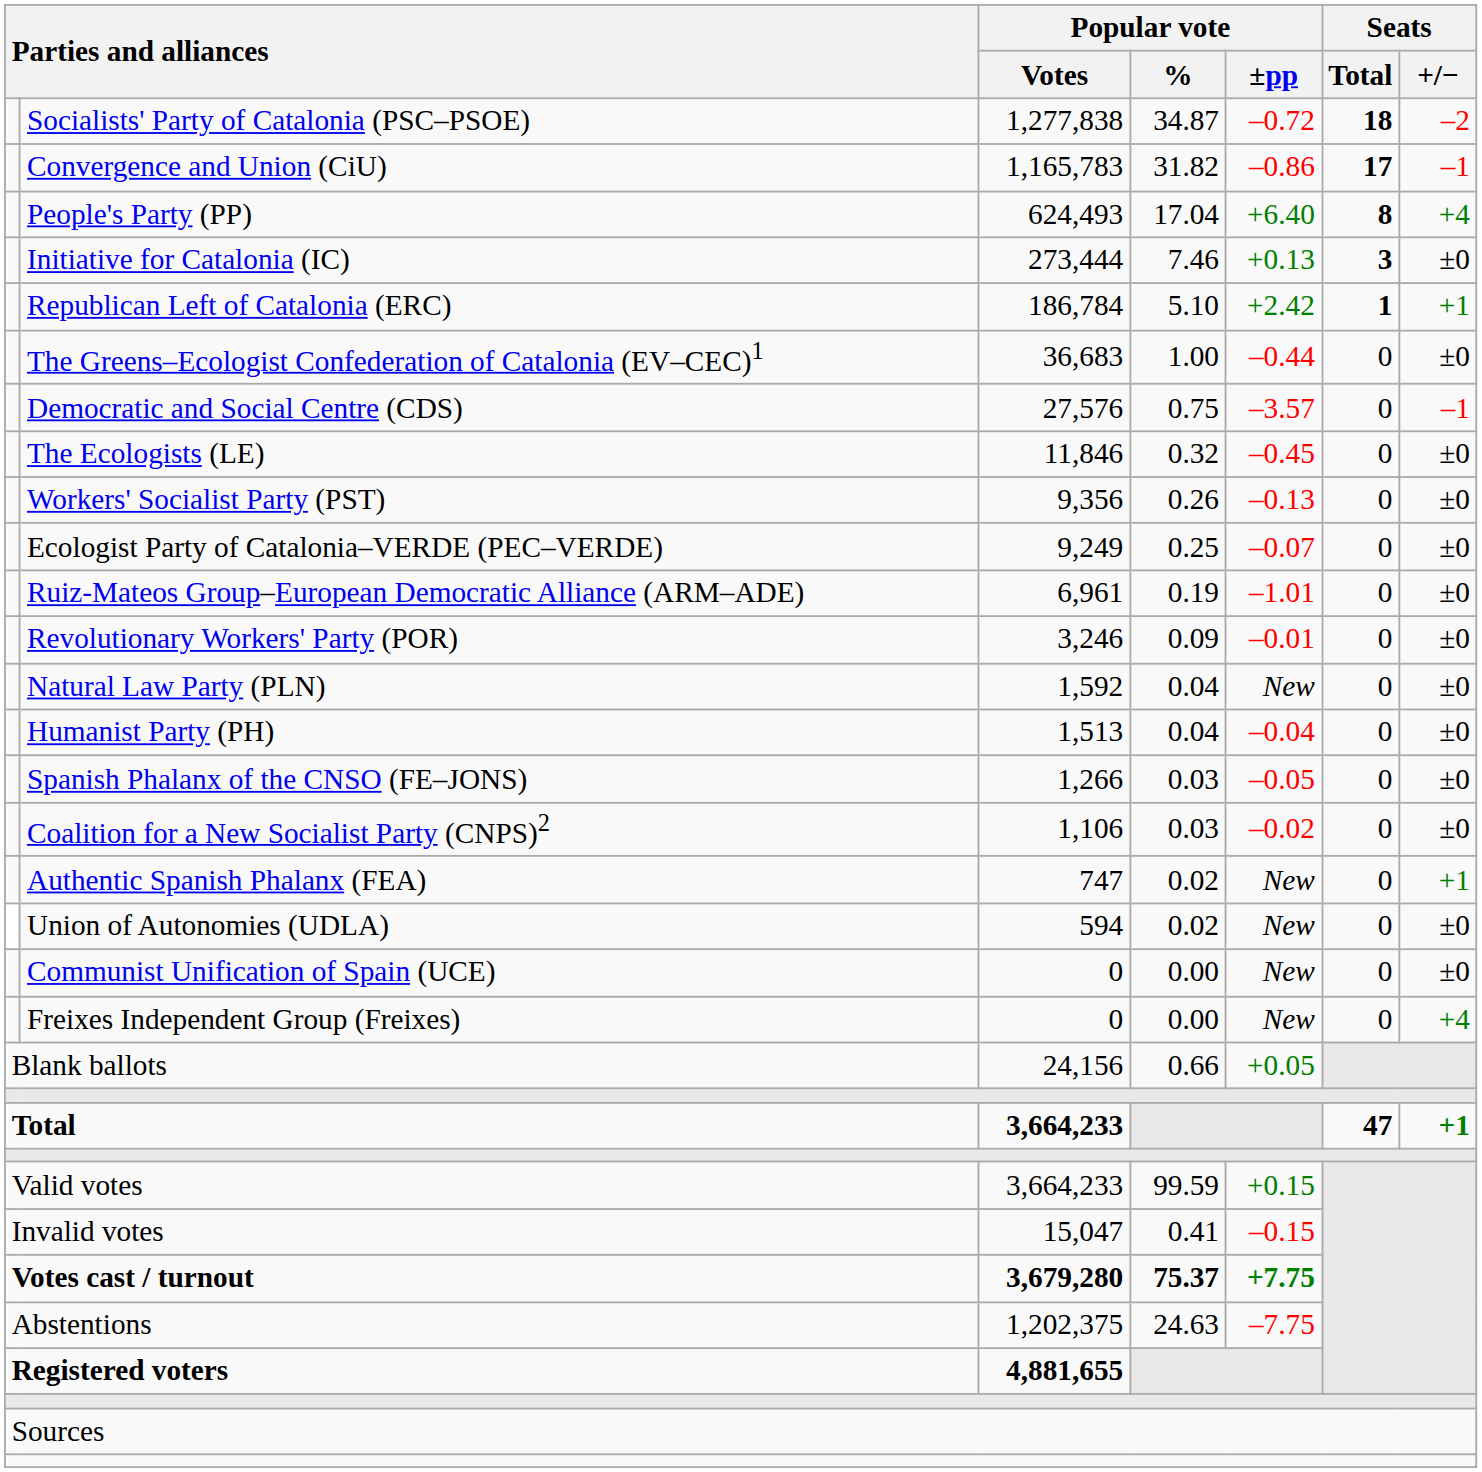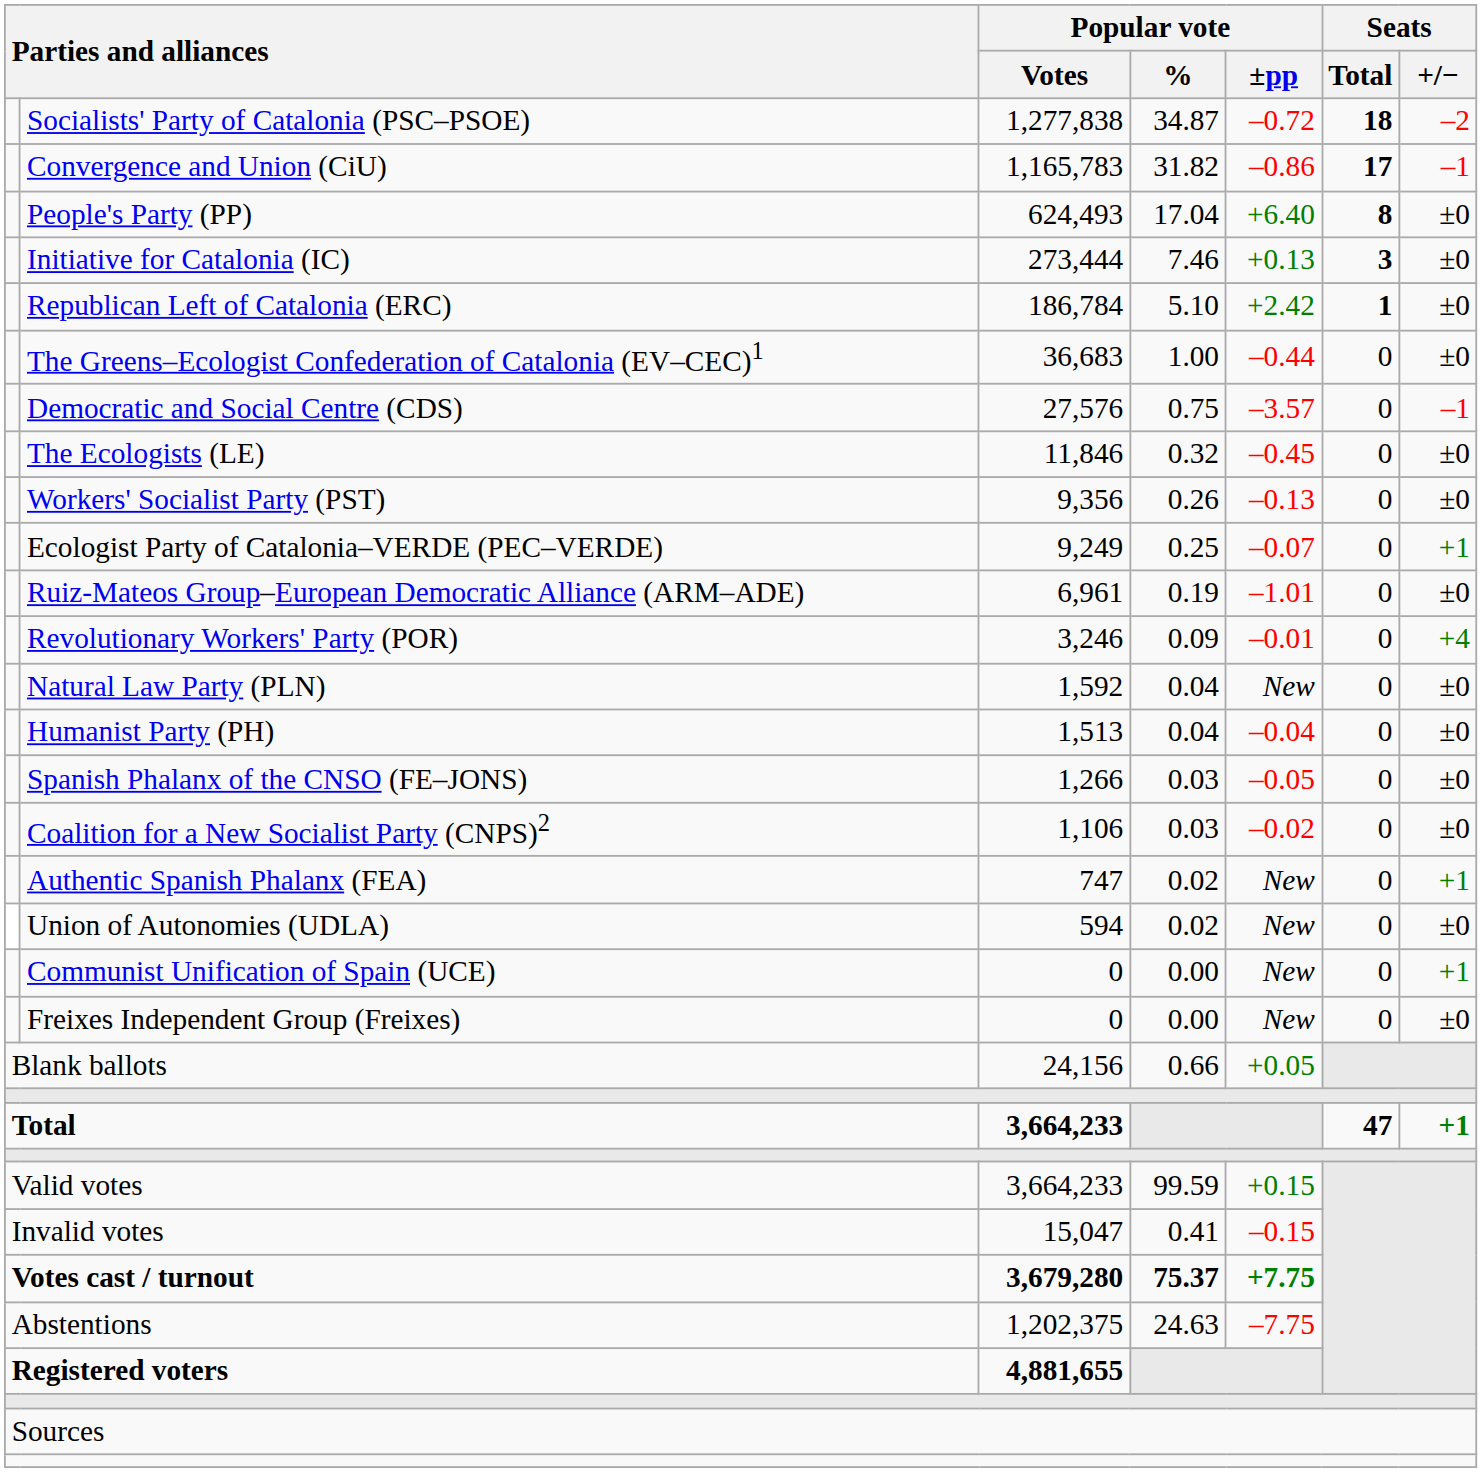 <table class="wikitable" style="text-align:right;">
 <tr>
 <th style="text-align:left;" rowspan="2" colspan="2" width="525">Parties and alliances</th>
 <th colspan="3">Popular vote</th>
 <th colspan="2">Seats</th>
 </tr>
 <tr>
 <th width="75">Votes</th>
 <th width="45">%</th>
 <th width="45">±<a href='#'>pp</a></th>
 <th width="35">Total</th>
 <th width="35">+/−</th>
 </tr>
 <tr>
 <td width="1" style="color:inherit;background:"></td>
 <td align="left"><a href='#'>Socialists' Party of Catalonia</a> (PSC–PSOE)</td>
 <td>1,277,838</td>
 <td>34.87</td>
 <td style="color:red;">–0.72</td>
 <td><strong>18</strong></td>
 <td style="color:red;">–2</td>
 </tr>
 <tr>
 <td style="color:inherit;background:"></td>
 <td align="left"><a href='#'>Convergence and Union</a> (CiU)</td>
 <td>1,165,783</td>
 <td>31.82</td>
 <td style="color:red;">–0.86</td>
 <td><strong>17</strong></td>
 <td style="color:red;">–1</td>
 </tr>
 <tr>
 <td style="color:inherit;background:"></td>
 <td align="left"><a href='#'>People's Party</a> (PP)</td>
 <td>624,493</td>
 <td>17.04</td>
 <td style="color:green;">+6.40</td>
 <td><strong>8</strong></td>
-<td style="color:green;">+4</td>
+<td>±0</td>
 </tr>
 <tr>
 <td style="color:inherit;background:"></td>
 <td align="left"><a href='#'>Initiative for Catalonia</a> (IC)</td>
 <td>273,444</td>
 <td>7.46</td>
 <td style="color:green;">+0.13</td>
 <td><strong>3</strong></td>
 <td>±0</td>
 </tr>
 <tr>
 <td style="color:inherit;background:"></td>
 <td align="left"><a href='#'>Republican Left of Catalonia</a> (ERC)</td>
 <td>186,784</td>
 <td>5.10</td>
 <td style="color:green;">+2.42</td>
 <td><strong>1</strong></td>
-<td style="color:green;">+1</td>
+<td>±0</td>
 </tr>
 <tr>
 <td style="color:inherit;background:"></td>
 <td align="left"><a href='#'>The Greens–Ecologist Confederation of Catalonia</a> (EV–CEC)<sup>1</sup></td>
 <td>36,683</td>
 <td>1.00</td>
 <td style="color:red;">–0.44</td>
 <td>0</td>
 <td>±0</td>
 </tr>
 <tr>
 <td style="color:inherit;background:"></td>
 <td align="left"><a href='#'>Democratic and Social Centre</a> (CDS)</td>
 <td>27,576</td>
 <td>0.75</td>
 <td style="color:red;">–3.57</td>
 <td>0</td>
 <td style="color:red;">–1</td>
 </tr>
 <tr>
 <td style="color:inherit;background:"></td>
 <td align="left"><a href='#'>The Ecologists</a> (LE)</td>
 <td>11,846</td>
 <td>0.32</td>
 <td style="color:red;">–0.45</td>
 <td>0</td>
 <td>±0</td>
 </tr>
 <tr>
 <td style="color:inherit;background:"></td>
 <td align="left"><a href='#'>Workers' Socialist Party</a> (PST)</td>
 <td>9,356</td>
 <td>0.26</td>
 <td style="color:red;">–0.13</td>
 <td>0</td>
 <td>±0</td>
 </tr>
 <tr>
 <td style="color:inherit;background:"></td>
 <td align="left">Ecologist Party of Catalonia–VERDE (PEC–VERDE)</td>
 <td>9,249</td>
 <td>0.25</td>
 <td style="color:red;">–0.07</td>
 <td>0</td>
-<td>±0</td>
+<td style="color:green;">+1</td>
 </tr>
 <tr>
 <td style="color:inherit;background:"></td>
 <td align="left"><a href='#'>Ruiz-Mateos Group</a>–<a href='#'>European Democratic Alliance</a> (ARM–ADE)</td>
 <td>6,961</td>
 <td>0.19</td>
 <td style="color:red;">–1.01</td>
 <td>0</td>
 <td>±0</td>
 </tr>
 <tr>
 <td style="color:inherit;background:"></td>
 <td align="left"><a href='#'>Revolutionary Workers' Party</a> (POR)</td>
 <td>3,246</td>
 <td>0.09</td>
 <td style="color:red;">–0.01</td>
 <td>0</td>
-<td>±0</td>
+<td style="color:green;">+4</td>
 </tr>
 <tr>
 <td style="color:inherit;background:"></td>
 <td align="left"><a href='#'>Natural Law Party</a> (PLN)</td>
 <td>1,592</td>
 <td>0.04</td>
 <td><em>New</em></td>
 <td>0</td>
 <td>±0</td>
 </tr>
 <tr>
 <td style="color:inherit;background:"></td>
 <td align="left"><a href='#'>Humanist Party</a> (PH)</td>
 <td>1,513</td>
 <td>0.04</td>
 <td style="color:red;">–0.04</td>
 <td>0</td>
 <td>±0</td>
 </tr>
 <tr>
 <td style="color:inherit;background:"></td>
 <td align="left"><a href='#'>Spanish Phalanx of the CNSO</a> (FE–JONS)</td>
 <td>1,266</td>
 <td>0.03</td>
 <td style="color:red;">–0.05</td>
 <td>0</td>
 <td>±0</td>
 </tr>
 <tr>
 <td style="color:inherit;background:"></td>
 <td align="left"><a href='#'>Coalition for a New Socialist Party</a> (CNPS)<sup>2</sup></td>
 <td>1,106</td>
 <td>0.03</td>
 <td style="color:red;">–0.02</td>
 <td>0</td>
 <td>±0</td>
 </tr>
 <tr>
 <td style="color:inherit;background:"></td>
 <td align="left"><a href='#'>Authentic Spanish Phalanx</a> (FEA)</td>
 <td>747</td>
 <td>0.02</td>
 <td><em>New</em></td>
 <td>0</td>
 <td style="color:green;">+1</td>
 </tr>
 <tr>
 <td bgcolor="white"></td>
 <td align="left">Union of Autonomies (UDLA)</td>
 <td>594</td>
 <td>0.02</td>
 <td><em>New</em></td>
 <td>0</td>
 <td>±0</td>
 </tr>
 <tr>
 <td style="color:inherit;background:"></td>
 <td align="left"><a href='#'>Communist Unification of Spain</a> (UCE)</td>
 <td>0</td>
 <td>0.00</td>
 <td><em>New</em></td>
 <td>0</td>
-<td>±0</td>
+<td style="color:green;">+1</td>
 </tr>
 <tr>
 <td style="color:inherit;background:"></td>
 <td align="left">Freixes Independent Group (Freixes)</td>
 <td>0</td>
 <td>0.00</td>
 <td><em>New</em></td>
 <td>0</td>
-<td style="color:green;">+4</td>
+<td>±0</td>
 </tr>
 <tr>
 <td align="left" colspan="2">Blank ballots</td>
 <td>24,156</td>
 <td>0.66</td>
 <td style="color:green;">+0.05</td>
 <td bgcolor="#E9E9E9" colspan="2"></td>
 </tr>
 <tr>
 <td colspan="7" bgcolor="#E9E9E9"></td>
 </tr>
 <tr style="font-weight:bold;">
 <td align="left" colspan="2">Total</td>
 <td>3,664,233</td>
 <td bgcolor="#E9E9E9" colspan="2"></td>
 <td>47</td>
 <td style="color:green;">+1</td>
 </tr>
 <tr>
 <td colspan="7" bgcolor="#E9E9E9"></td>
 </tr>
 <tr>
 <td align="left" colspan="2">Valid votes</td>
 <td>3,664,233</td>
 <td>99.59</td>
 <td style="color:green;">+0.15</td>
 <td bgcolor="#E9E9E9" colspan="2" rowspan="5"></td>
 </tr>
 <tr>
 <td align="left" colspan="2">Invalid votes</td>
 <td>15,047</td>
 <td>0.41</td>
 <td style="color:red;">–0.15</td>
 </tr>
 <tr style="font-weight:bold;">
 <td align="left" colspan="2">Votes cast / turnout</td>
 <td>3,679,280</td>
 <td>75.37</td>
 <td style="color:green;">+7.75</td>
 </tr>
 <tr>
 <td align="left" colspan="2">Abstentions</td>
 <td>1,202,375</td>
 <td>24.63</td>
 <td style="color:red;">–7.75</td>
 </tr>
 <tr style="font-weight:bold;">
 <td align="left" colspan="2">Registered voters</td>
 <td>4,881,655</td>
 <td bgcolor="#E9E9E9" colspan="2"></td>
 </tr>
 <tr>
 <td colspan="7" bgcolor="#E9E9E9"></td>
 </tr>
 <tr>
 <td align="left" colspan="7">Sources</td>
 </tr>
 <tr>
 <td colspan="7" style="text-align:left; max-width:790px;"></td>
 </tr>
 </table>
